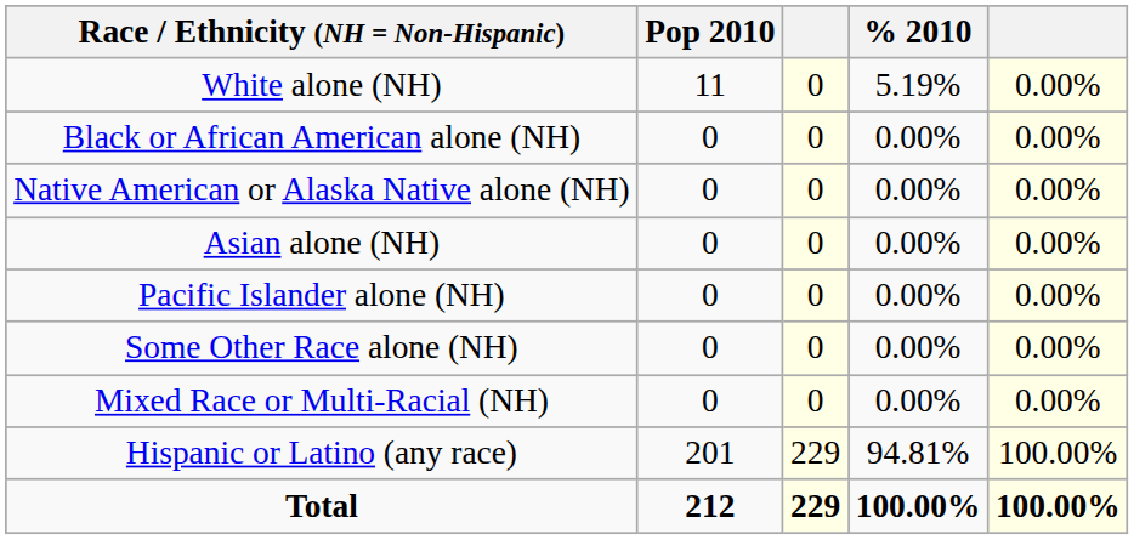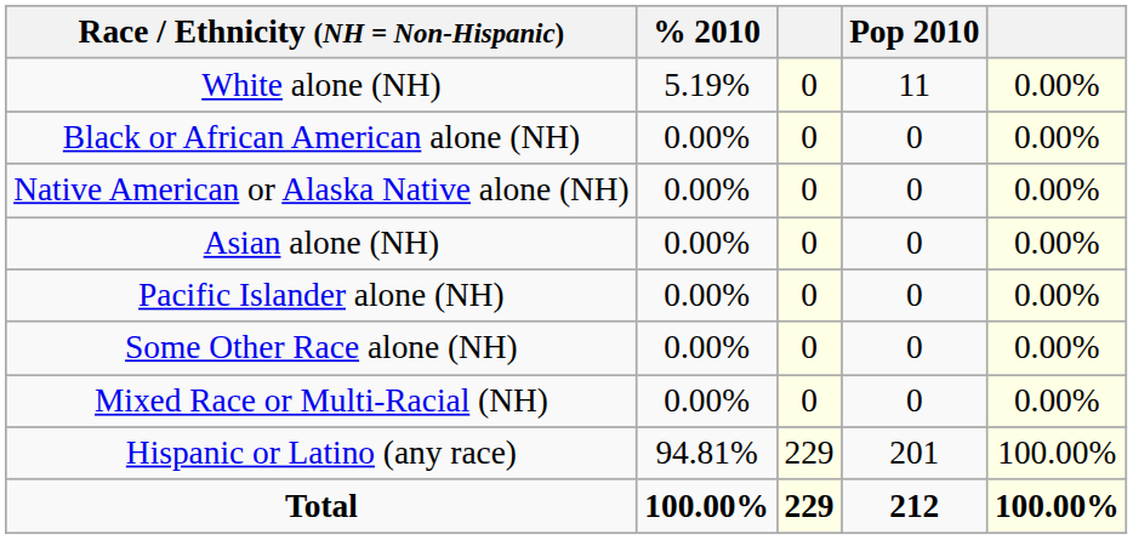 <table class="wikitable" style="text-align:center;">
 <tr>
 <th>Race / Ethnicity <small>(<em>NH = Non-Hispanic</em>)</small></th>
+<th>% 2010</th>
+<th></th>
 <th>Pop 2010</th>
-<th></th>
-<th>% 2010</th>
 <th></th>
 </tr>
 <tr>
 <td><a href='#'>White</a> alone (NH)</td>
+<td>5.19%</td>
+<td style='background: #ffffe6;'>0</td>
 <td>11</td>
-<td style='background: #ffffe6;'>0</td>
-<td>5.19%</td>
 <td style='background: #ffffe6;'>0.00%</td>
 </tr>
 <tr>
 <td><a href='#'>Black or African American</a> alone (NH)</td>
+<td>0.00%</td>
+<td style='background: #ffffe6;'>0</td>
 <td>0</td>
-<td style='background: #ffffe6;'>0</td>
-<td>0.00%</td>
 <td style='background: #ffffe6;'>0.00%</td>
 </tr>
 <tr>
 <td><a href='#'>Native American</a> or <a href='#'>Alaska Native</a> alone (NH)</td>
+<td>0.00%</td>
+<td style='background: #ffffe6;'>0</td>
 <td>0</td>
-<td style='background: #ffffe6;'>0</td>
-<td>0.00%</td>
 <td style='background: #ffffe6;'>0.00%</td>
 </tr>
 <tr>
 <td><a href='#'>Asian</a> alone (NH)</td>
+<td>0.00%</td>
+<td style='background: #ffffe6;'>0</td>
 <td>0</td>
-<td style='background: #ffffe6;'>0</td>
-<td>0.00%</td>
 <td style='background: #ffffe6;'>0.00%</td>
 </tr>
 <tr>
 <td><a href='#'>Pacific Islander</a> alone (NH)</td>
+<td>0.00%</td>
+<td style='background: #ffffe6;'>0</td>
 <td>0</td>
-<td style='background: #ffffe6;'>0</td>
-<td>0.00%</td>
 <td style='background: #ffffe6;'>0.00%</td>
 </tr>
 <tr>
 <td><a href='#'>Some Other Race</a> alone (NH)</td>
+<td>0.00%</td>
+<td style='background: #ffffe6;'>0</td>
 <td>0</td>
-<td style='background: #ffffe6;'>0</td>
-<td>0.00%</td>
 <td style='background: #ffffe6;'>0.00%</td>
 </tr>
 <tr>
 <td><a href='#'>Mixed Race or Multi-Racial</a> (NH)</td>
+<td>0.00%</td>
+<td style='background: #ffffe6;'>0</td>
 <td>0</td>
-<td style='background: #ffffe6;'>0</td>
-<td>0.00%</td>
 <td style='background: #ffffe6;'>0.00%</td>
 </tr>
 <tr>
 <td><a href='#'>Hispanic or Latino</a> (any race)</td>
+<td>94.81%</td>
+<td style='background: #ffffe6;'>229</td>
 <td>201</td>
-<td style='background: #ffffe6;'>229</td>
-<td>94.81%</td>
 <td style='background: #ffffe6;'>100.00%</td>
 </tr>
 <tr>
 <td><strong>Total</strong></td>
+<td><strong>100.00%</strong></td>
+<td style='background: #ffffe6;'><strong>229</strong></td>
 <td><strong>212</strong></td>
-<td style='background: #ffffe6;'><strong>229</strong></td>
-<td><strong>100.00%</strong></td>
 <td style='background: #ffffe6;'><strong>100.00%</strong></td>
 </tr>
 </table>
